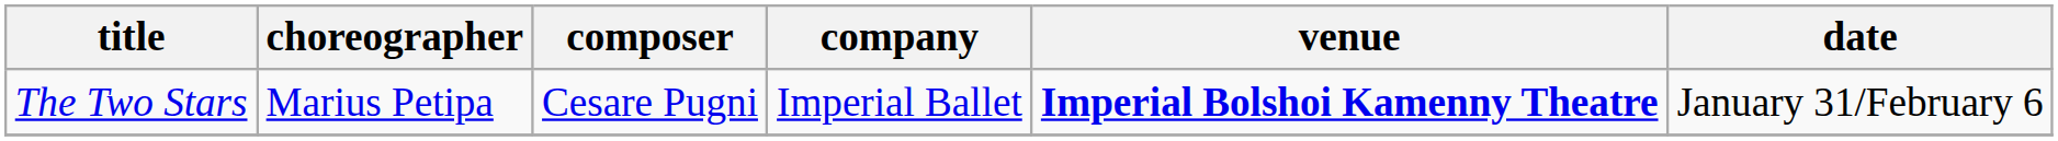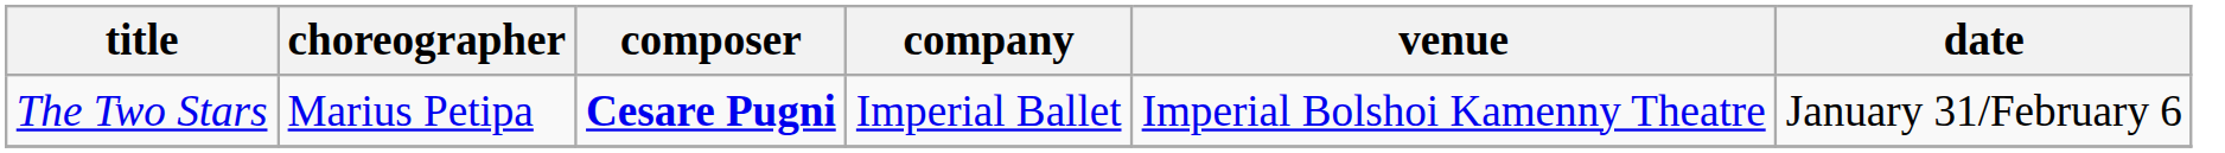 <table class="wikitable sortable">
 <tr>
 <th>title</th>
 <th>choreographer</th>
 <th>composer</th>
 <th>company</th>
 <th>venue</th>
 <th>date</th>
 </tr>
 <tr>
 <td><em><a href='#'>The Two Stars</a></em></td>
 <td><a href='#'>Marius Petipa</a></td>
-<td><a href='#'>Cesare Pugni</a></td>
+<td><strong><a href='#'>Cesare Pugni</a></strong></td>
 <td><a href='#'>Imperial Ballet</a></td>
-<td><strong><a href='#'>Imperial Bolshoi Kamenny Theatre</a></strong></td>
+<td><a href='#'>Imperial Bolshoi Kamenny Theatre</a></td>
 <td>January 31/February 6</td>
 </tr>
 <tr>
 </tr>
 </table>
